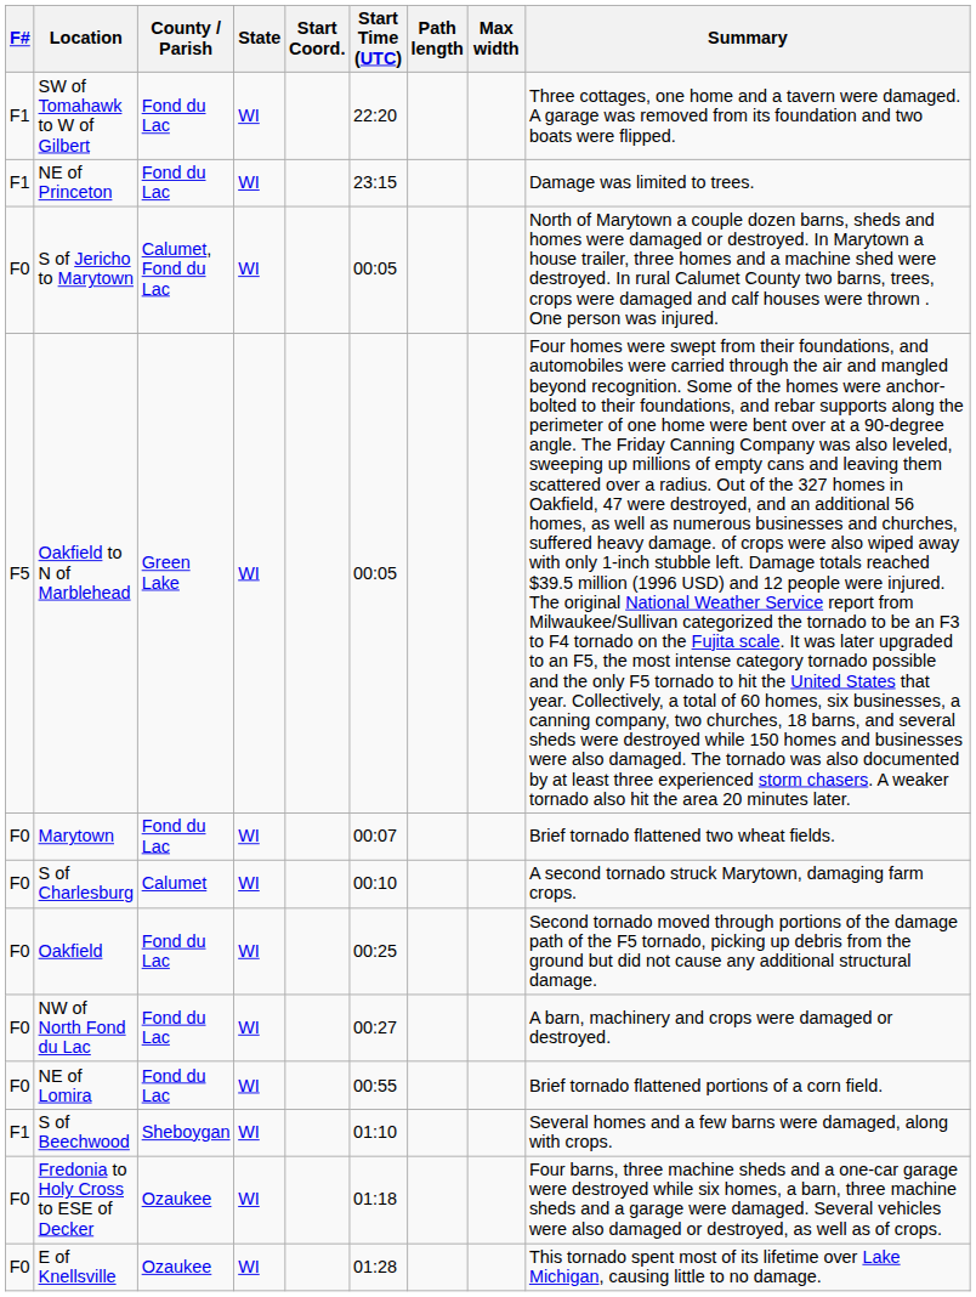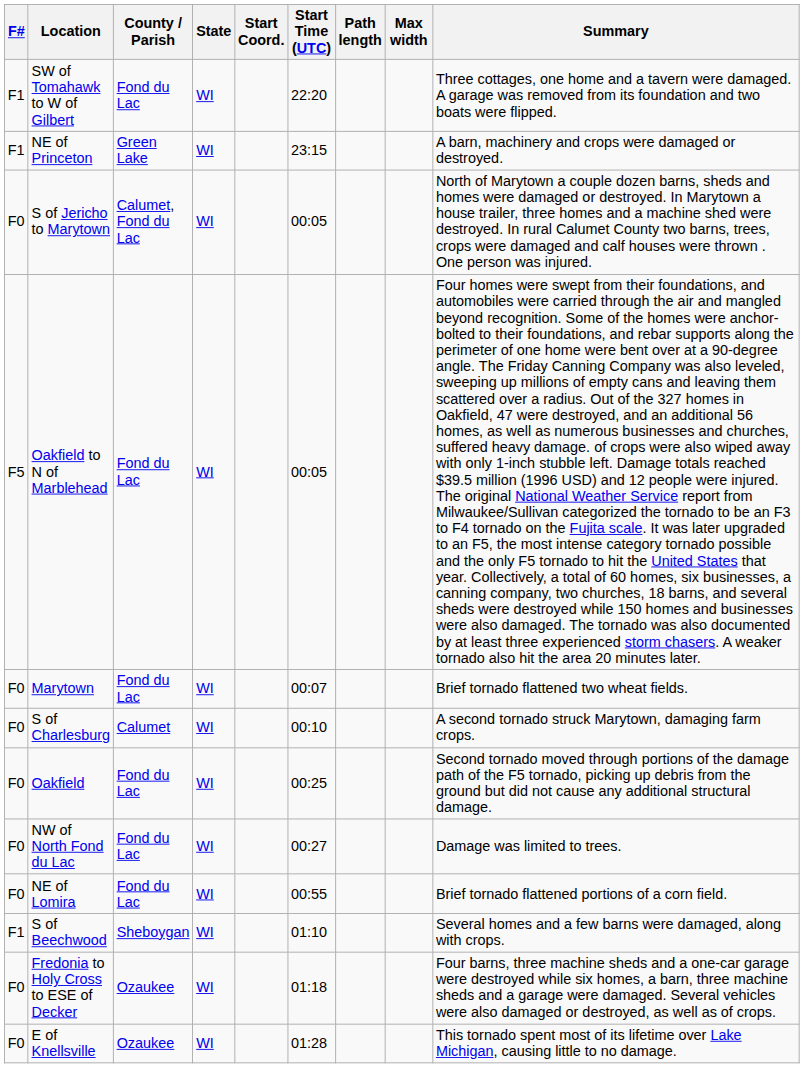 <table class="wikitable sortable" style="width:100%;">
 <tr>
 <th scope="col"  style="width:3%; text-align:center;"><a href='#'>F#</a></th>
 <th scope="col"  style="width:7%; text-align:center;" class="unsortable">Location</th>
 <th scope="col"  style="width:6%; text-align:center;" class="unsortable">County / Parish</th>
 <th scope="col"  style="width:5%; text-align:center;">State</th>
 <th scope="col"  style="width:6%; text-align:center;">Start Coord.</th>
 <th scope="col"  style="width:6%; text-align:center;">Start Time (<a href='#'>UTC</a>)</th>
 <th scope="col"  style="width:6%; text-align:center;">Path length</th>
 <th scope="col"  style="width:6%; text-align:center;">Max width</th>
 <th scope="col" class="unsortable" style="width:48%; text-align:center;">Summary</th>
 </tr>
 <tr>
 <td>F1</td>
 <td>SW of <a href='#'>Tomahawk</a> to W of <a href='#'>Gilbert</a></td>
 <td><a href='#'>Fond du Lac</a></td>
 <td><a href='#'>WI</a></td>
 <td></td>
 <td>22:20</td>
 <td></td>
 <td></td>
 <td>Three cottages, one home and a tavern were damaged. A garage was removed from its foundation and two boats were flipped.</td>
 </tr>
 <tr>
 <td>F1</td>
 <td>NE of <a href='#'>Princeton</a></td>
-<td><a href='#'>Fond du Lac</a></td>
+<td><a href='#'>Green Lake</a></td>
 <td><a href='#'>WI</a></td>
 <td></td>
 <td>23:15</td>
 <td></td>
 <td></td>
-<td>Damage was limited to trees.</td>
+<td>A barn, machinery and crops were damaged or destroyed.</td>
 </tr>
 <tr>
 <td>F0</td>
 <td>S of <a href='#'>Jericho</a> to <a href='#'>Marytown</a></td>
 <td><a href='#'>Calumet</a>, <a href='#'>Fond du Lac</a></td>
 <td><a href='#'>WI</a></td>
 <td></td>
 <td>00:05</td>
 <td></td>
 <td></td>
 <td>North of Marytown a couple dozen barns, sheds and homes were damaged or destroyed. In Marytown a house trailer, three homes and a machine shed were destroyed. In rural Calumet County two barns, trees, crops were damaged and calf houses were thrown . One person was injured.</td>
 </tr>
 <tr>
 <td>F5</td>
 <td><a href='#'>Oakfield</a> to N of <a href='#'>Marblehead</a></td>
-<td><a href='#'>Green Lake</a></td>
+<td><a href='#'>Fond du Lac</a></td>
 <td><a href='#'>WI</a></td>
 <td></td>
 <td>00:05</td>
 <td></td>
 <td></td>
 <td>Four homes were swept from their foundations, and automobiles were carried  through the air and mangled beyond recognition. Some of the homes were anchor-bolted to their foundations, and rebar supports along the perimeter of one home were bent over at a 90-degree angle. The Friday Canning Company was also leveled, sweeping up millions of empty cans and leaving them scattered over a  radius. Out of the 327 homes in Oakfield, 47 were destroyed, and an additional 56 homes, as well as numerous businesses and churches, suffered heavy damage.  of crops were also wiped away with only 1-inch stubble left. Damage totals reached $39.5 million (1996 USD) and 12 people were injured. The original <a href='#'>National Weather Service</a> report from Milwaukee/Sullivan categorized the tornado to be an F3 to F4 tornado on the <a href='#'>Fujita scale</a>. It was later upgraded to an F5, the most intense category tornado possible and the only F5 tornado to hit the <a href='#'>United States</a> that year. Collectively, a total of 60 homes, six businesses, a canning company, two churches, 18 barns, and several sheds were destroyed while 150 homes and businesses were also damaged. The tornado was also documented by at least three experienced <a href='#'>storm chasers</a>. A weaker tornado also hit the area 20 minutes later.</td>
 </tr>
 <tr>
 <td>F0</td>
 <td><a href='#'>Marytown</a></td>
 <td><a href='#'>Fond du Lac</a></td>
 <td><a href='#'>WI</a></td>
 <td></td>
 <td>00:07</td>
 <td></td>
 <td></td>
 <td>Brief tornado flattened two wheat fields.</td>
 </tr>
 <tr>
 <td>F0</td>
 <td>S of <a href='#'>Charlesburg</a></td>
 <td><a href='#'>Calumet</a></td>
 <td><a href='#'>WI</a></td>
 <td></td>
 <td>00:10</td>
 <td></td>
 <td></td>
 <td>A second tornado struck Marytown, damaging farm crops.</td>
 </tr>
 <tr>
 <td>F0</td>
 <td><a href='#'>Oakfield</a></td>
 <td><a href='#'>Fond du Lac</a></td>
 <td><a href='#'>WI</a></td>
 <td></td>
 <td>00:25</td>
 <td></td>
 <td></td>
 <td>Second tornado moved through portions of the damage path of the F5 tornado, picking up debris from the ground but did not cause any additional structural damage.</td>
 </tr>
 <tr>
 <td>F0</td>
 <td>NW of <a href='#'>North Fond du Lac</a></td>
 <td><a href='#'>Fond du Lac</a></td>
 <td><a href='#'>WI</a></td>
 <td></td>
 <td>00:27</td>
 <td></td>
 <td></td>
-<td>A barn, machinery and crops were damaged or destroyed.</td>
+<td>Damage was limited to trees.</td>
 </tr>
 <tr>
 <td>F0</td>
 <td>NE of <a href='#'>Lomira</a></td>
 <td><a href='#'>Fond du Lac</a></td>
 <td><a href='#'>WI</a></td>
 <td></td>
 <td>00:55</td>
 <td></td>
 <td></td>
 <td>Brief tornado flattened portions of a corn field.</td>
 </tr>
 <tr>
 <td>F1</td>
 <td>S of <a href='#'>Beechwood</a></td>
 <td><a href='#'>Sheboygan</a></td>
 <td><a href='#'>WI</a></td>
 <td></td>
 <td>01:10</td>
 <td></td>
 <td></td>
 <td>Several homes and a few barns were damaged, along with crops.</td>
 </tr>
 <tr>
 <td>F0</td>
 <td><a href='#'>Fredonia</a> to <a href='#'>Holy Cross</a> to ESE of <a href='#'>Decker</a></td>
 <td><a href='#'>Ozaukee</a></td>
 <td><a href='#'>WI</a></td>
 <td></td>
 <td>01:18</td>
 <td></td>
 <td></td>
 <td>Four barns, three machine sheds and a one-car garage were destroyed while six homes, a barn, three machine sheds and a garage were damaged. Several vehicles were also damaged or destroyed, as well as  of crops.</td>
 </tr>
 <tr>
 <td>F0</td>
 <td>E of <a href='#'>Knellsville</a></td>
 <td><a href='#'>Ozaukee</a></td>
 <td><a href='#'>WI</a></td>
 <td></td>
 <td>01:28</td>
 <td></td>
 <td></td>
 <td>This tornado spent most of its lifetime over <a href='#'>Lake Michigan</a>, causing little to no damage.</td>
 </tr>
 </table>
